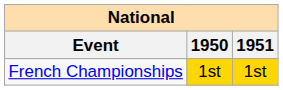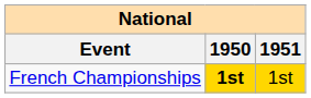 <table class="wikitable" style="text-align:center">
 <tr>
 <th style="background-color: #ffdead; " colspan=3 align=center>National</th>
 </tr>
 <tr>
 <th>Event</th>
 <th>1950</th>
 <th>1951</th>
 </tr>
 <tr>
 <td align=left><a href='#'>French Championships</a></td>
-<td bgcolor=gold>1st</td>
+<td bgcolor=gold><strong>1st</strong></td>
 <td bgcolor=gold>1st</td>
 </tr>
 </table>
